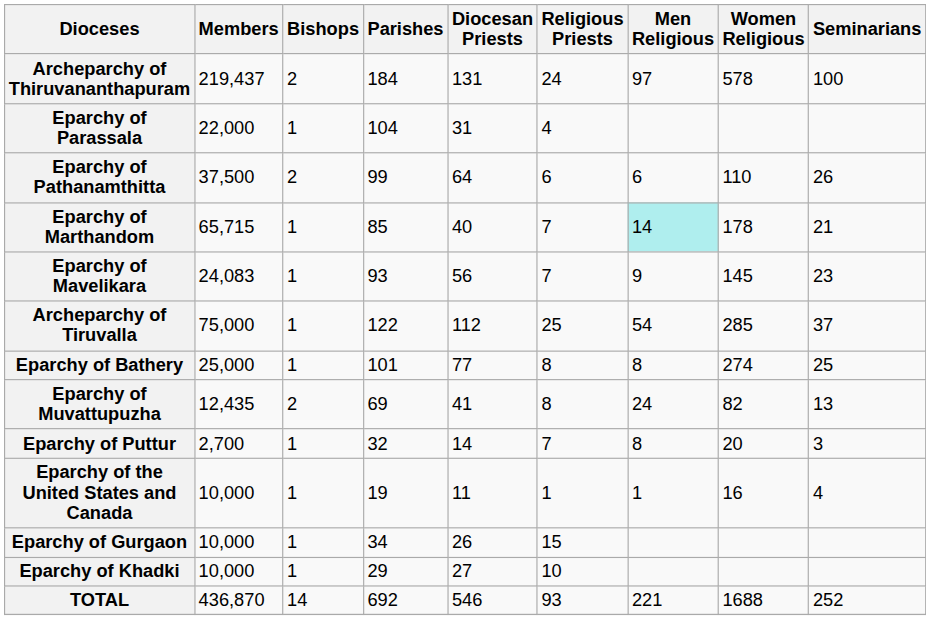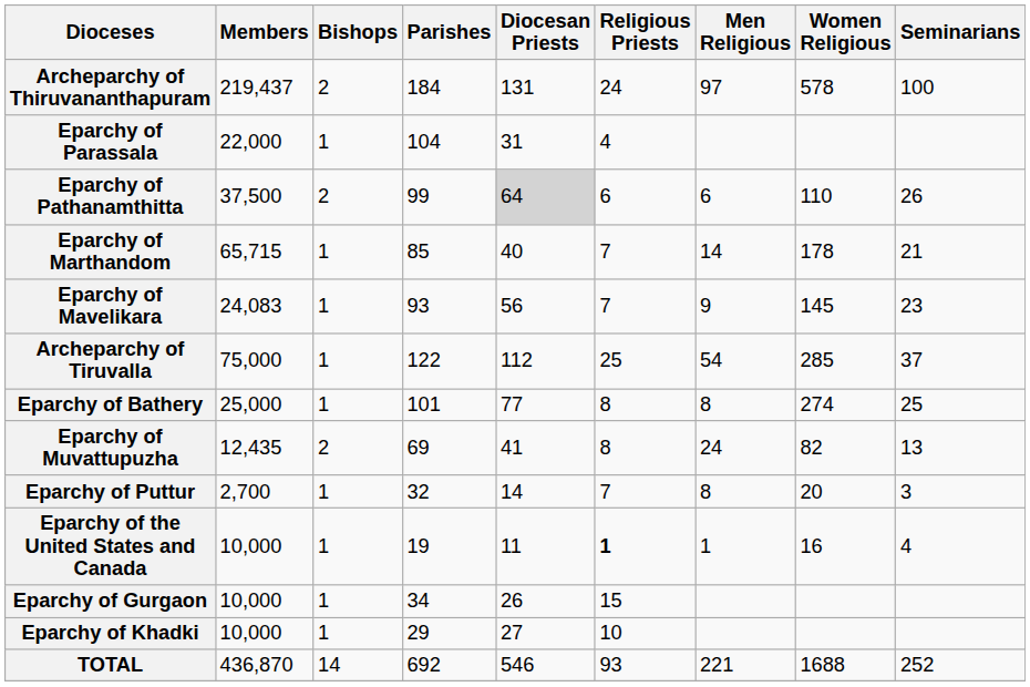 <table class="wikitable">
 <tr>
 <th>Dioceses</th>
 <th>Members</th>
 <th>Bishops</th>
 <th>Parishes</th>
 <th>Diocesan Priests</th>
 <th>Religious Priests</th>
 <th>Men Religious</th>
 <th>Women Religious</th>
 <th>Seminarians</th>
 </tr>
 <tr>
 <th>Archeparchy of Thiruvananthapuram</th>
 <td>219,437</td>
 <td>2</td>
 <td>184</td>
 <td>131</td>
 <td>24</td>
 <td>97</td>
 <td>578</td>
 <td>100</td>
 </tr>
 <tr>
 <th>Eparchy of Parassala</th>
 <td>22,000</td>
 <td>1</td>
 <td>104</td>
 <td>31</td>
 <td>4</td>
 <td></td>
 <td></td>
 <td></td>
 </tr>
 <tr>
 <th>Eparchy of Pathanamthitta</th>
 <td>37,500</td>
 <td>2</td>
 <td>99</td>
-<td>64</td>
+<td style="background: lightgrey;">64</td>
 <td>6</td>
 <td>6</td>
 <td>110</td>
 <td>26</td>
 </tr>
 <tr>
 <th>Eparchy of Marthandom</th>
 <td>65,715</td>
 <td>1</td>
 <td>85</td>
 <td>40</td>
 <td>7</td>
-<td style="background: paleturquoise;">14</td>
+<td>14</td>
 <td>178</td>
 <td>21</td>
 </tr>
 <tr>
 <th>Eparchy of Mavelikara</th>
 <td>24,083</td>
 <td>1</td>
 <td>93</td>
 <td>56</td>
 <td>7</td>
 <td>9</td>
 <td>145</td>
 <td>23</td>
 </tr>
 <tr>
 <th>Archeparchy of Tiruvalla</th>
 <td>75,000</td>
 <td>1</td>
 <td>122</td>
 <td>112</td>
 <td>25</td>
 <td>54</td>
 <td>285</td>
 <td>37</td>
 </tr>
 <tr>
 <th>Eparchy of Bathery</th>
 <td>25,000</td>
 <td>1</td>
 <td>101</td>
 <td>77</td>
 <td>8</td>
 <td>8</td>
 <td>274</td>
 <td>25</td>
 </tr>
 <tr>
 <th>Eparchy of Muvattupuzha</th>
 <td>12,435</td>
 <td>2</td>
 <td>69</td>
 <td>41</td>
 <td>8</td>
 <td>24</td>
 <td>82</td>
 <td>13</td>
 </tr>
 <tr>
 <th>Eparchy of Puttur</th>
 <td>2,700</td>
 <td>1</td>
 <td>32</td>
 <td>14</td>
 <td>7</td>
 <td>8</td>
 <td>20</td>
 <td>3</td>
 </tr>
 <tr>
 <th>Eparchy of the United States and Canada</th>
 <td>10,000</td>
 <td>1</td>
 <td>19</td>
 <td>11</td>
-<td>1</td>
+<td><strong>1</strong></td>
 <td>1</td>
 <td>16</td>
 <td>4</td>
 </tr>
 <tr>
 <th>Eparchy of Gurgaon</th>
 <td>10,000</td>
 <td>1</td>
 <td>34</td>
 <td>26</td>
 <td>15</td>
 <td></td>
 <td></td>
 <td></td>
 </tr>
 <tr>
 <th>Eparchy of Khadki</th>
 <td>10,000</td>
 <td>1</td>
 <td>29</td>
 <td>27</td>
 <td>10</td>
 <td></td>
 <td></td>
 <td></td>
 </tr>
 <tr>
 <th>TOTAL</th>
 <td>436,870</td>
 <td>14</td>
 <td>692</td>
 <td>546</td>
 <td>93</td>
 <td>221</td>
 <td>1688</td>
 <td>252</td>
 </tr>
 <tr>
 </tr>
 </table>
